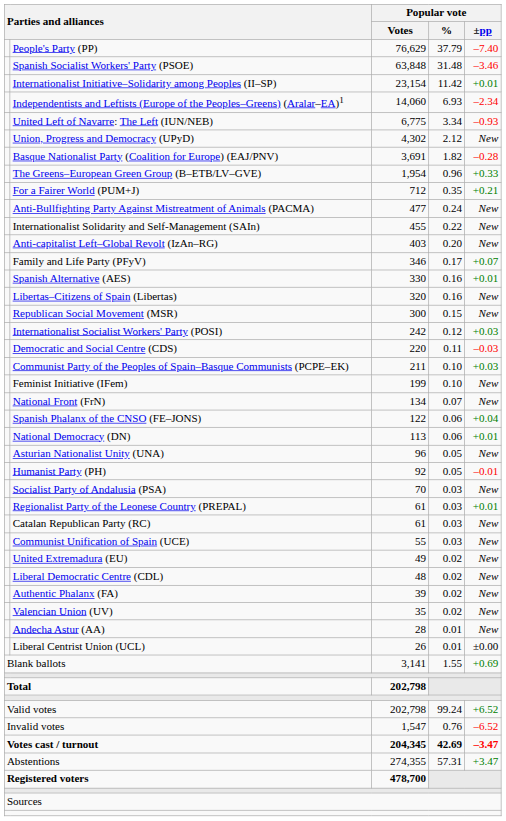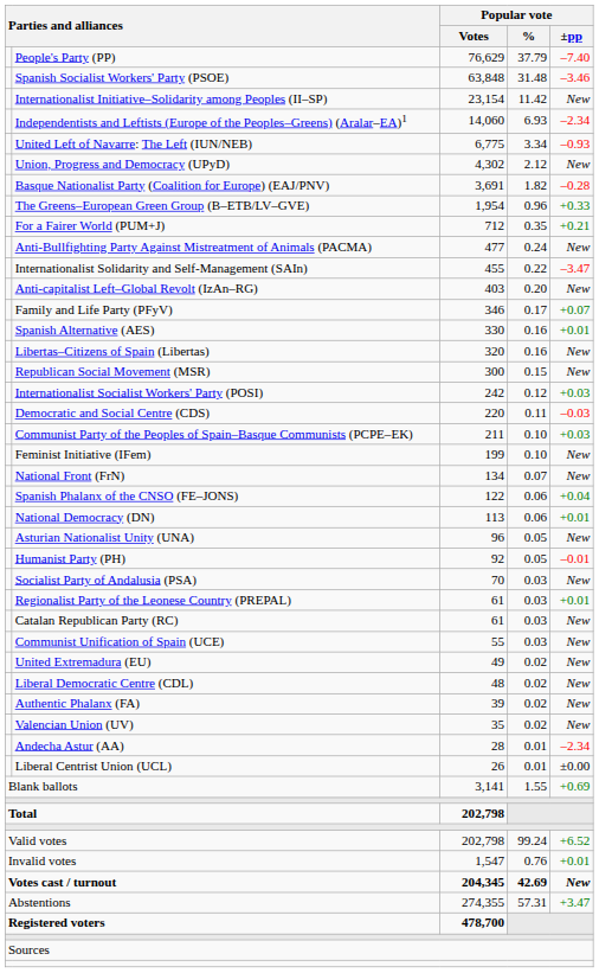 <table class="wikitable" style="text-align:right">
 <tr>
 <th style="text-align:left;" rowspan="2" colspan="2" width="525">Parties and alliances</th>
 <th colspan="3">Popular vote</th>
 </tr>
 <tr>
 <th width="75">Votes</th>
 <th width="45">%</th>
 <th width="45">±<a href='#'>pp</a></th>
 </tr>
 <tr>
 <td width="1" style="color:inherit;background:"></td>
 <td align="left"><a href='#'>People's Party</a> (PP)</td>
 <td>76,629</td>
 <td>37.79</td>
 <td style="color:red;">–7.40</td>
 </tr>
 <tr>
 <td style="color:inherit;background:"></td>
 <td align="left"><a href='#'>Spanish Socialist Workers' Party</a> (PSOE)</td>
 <td>63,848</td>
 <td>31.48</td>
 <td style="color:red;">–3.46</td>
 </tr>
 <tr>
 <td style="color:inherit;background:"></td>
 <td align="left"><a href='#'>Internationalist Initiative–Solidarity among Peoples</a> (II–SP)</td>
 <td>23,154</td>
 <td>11.42</td>
-<td style="color:green;">+0.01</td>
+<td><em>New</em></td>
 </tr>
 <tr>
 <td style="color:inherit;background:"></td>
 <td align="left"><a href='#'>Independentists and Leftists (Europe of the Peoples–Greens)</a> (<a href='#'>Aralar</a>–<a href='#'>EA</a>)<sup>1</sup></td>
 <td>14,060</td>
 <td>6.93</td>
 <td style="color:red;">–2.34</td>
 </tr>
 <tr>
 <td style="color:inherit;background:"></td>
 <td align="left"><a href='#'>United Left of Navarre</a>: <a href='#'>The Left</a> (IUN/NEB)</td>
 <td>6,775</td>
 <td>3.34</td>
 <td style="color:red;">–0.93</td>
 </tr>
 <tr>
 <td style="color:inherit;background:"></td>
 <td align="left"><a href='#'>Union, Progress and Democracy</a> (UPyD)</td>
 <td>4,302</td>
 <td>2.12</td>
 <td><em>New</em></td>
 </tr>
 <tr>
 <td style="color:inherit;background:"></td>
 <td align="left"><a href='#'>Basque Nationalist Party</a> (<a href='#'>Coalition for Europe</a>) (EAJ/PNV)</td>
 <td>3,691</td>
 <td>1.82</td>
 <td style="color:red;">–0.28</td>
 </tr>
 <tr>
 <td style="color:inherit;background:"></td>
 <td align="left"><a href='#'>The Greens–European Green Group</a> (B–ETB/LV–GVE)</td>
 <td>1,954</td>
 <td>0.96</td>
 <td style="color:green;">+0.33</td>
 </tr>
 <tr>
 <td style="color:inherit;background:"></td>
 <td align="left"><a href='#'>For a Fairer World</a> (PUM+J)</td>
 <td>712</td>
 <td>0.35</td>
 <td style="color:green;">+0.21</td>
 </tr>
 <tr>
 <td style="color:inherit;background:"></td>
 <td align="left"><a href='#'>Anti-Bullfighting Party Against Mistreatment of Animals</a> (PACMA)</td>
 <td>477</td>
 <td>0.24</td>
 <td><em>New</em></td>
 </tr>
 <tr>
 <td style="color:inherit;background:"></td>
 <td align="left">Internationalist Solidarity and Self-Management (SAIn)</td>
 <td>455</td>
 <td>0.22</td>
-<td><em>New</em></td>
+<td style="color:red;">–3.47</td>
 </tr>
 <tr>
 <td style="color:inherit;background:"></td>
 <td align="left"><a href='#'>Anti-capitalist Left–Global Revolt</a> (IzAn–RG)</td>
 <td>403</td>
 <td>0.20</td>
 <td><em>New</em></td>
 </tr>
 <tr>
 <td style="color:inherit;background:"></td>
 <td align="left">Family and Life Party (PFyV)</td>
 <td>346</td>
 <td>0.17</td>
 <td style="color:green;">+0.07</td>
 </tr>
 <tr>
 <td style="color:inherit;background:"></td>
 <td align="left"><a href='#'>Spanish Alternative</a> (AES)</td>
 <td>330</td>
 <td>0.16</td>
 <td style="color:green;">+0.01</td>
 </tr>
 <tr>
 <td style="color:inherit;background:"></td>
 <td align="left"><a href='#'>Libertas–Citizens of Spain</a> (Libertas)</td>
 <td>320</td>
 <td>0.16</td>
 <td><em>New</em></td>
 </tr>
 <tr>
 <td style="color:inherit;background:"></td>
 <td align="left"><a href='#'>Republican Social Movement</a> (MSR)</td>
 <td>300</td>
 <td>0.15</td>
 <td><em>New</em></td>
 </tr>
 <tr>
 <td style="color:inherit;background:"></td>
 <td align="left"><a href='#'>Internationalist Socialist Workers' Party</a> (POSI)</td>
 <td>242</td>
 <td>0.12</td>
 <td style="color:green;">+0.03</td>
 </tr>
 <tr>
 <td style="color:inherit;background:"></td>
 <td align="left"><a href='#'>Democratic and Social Centre</a> (CDS)</td>
 <td>220</td>
 <td>0.11</td>
 <td style="color:red;">–0.03</td>
 </tr>
 <tr>
 <td style="color:inherit;background:"></td>
 <td align="left"><a href='#'>Communist Party of the Peoples of Spain–Basque Communists</a> (PCPE–EK)</td>
 <td>211</td>
 <td>0.10</td>
 <td style="color:green;">+0.03</td>
 </tr>
 <tr>
 <td style="color:inherit;background:"></td>
 <td align="left">Feminist Initiative (IFem)</td>
 <td>199</td>
 <td>0.10</td>
 <td><em>New</em></td>
 </tr>
 <tr>
 <td style="color:inherit;background:"></td>
 <td align="left"><a href='#'>National Front</a> (FrN)</td>
 <td>134</td>
 <td>0.07</td>
 <td><em>New</em></td>
 </tr>
 <tr>
 <td style="color:inherit;background:"></td>
 <td align="left"><a href='#'>Spanish Phalanx of the CNSO</a> (FE–JONS)</td>
 <td>122</td>
 <td>0.06</td>
 <td style="color:green;">+0.04</td>
 </tr>
 <tr>
 <td style="color:inherit;background:"></td>
 <td align="left"><a href='#'>National Democracy</a> (DN)</td>
 <td>113</td>
 <td>0.06</td>
 <td style="color:green;">+0.01</td>
 </tr>
 <tr>
 <td style="color:inherit;background:"></td>
 <td align="left"><a href='#'>Asturian Nationalist Unity</a> (UNA)</td>
 <td>96</td>
 <td>0.05</td>
 <td><em>New</em></td>
 </tr>
 <tr>
 <td style="color:inherit;background:"></td>
 <td align="left"><a href='#'>Humanist Party</a> (PH)</td>
 <td>92</td>
 <td>0.05</td>
 <td style="color:red;">–0.01</td>
 </tr>
 <tr>
 <td style="color:inherit;background:"></td>
 <td align="left"><a href='#'>Socialist Party of Andalusia</a> (PSA)</td>
 <td>70</td>
 <td>0.03</td>
 <td><em>New</em></td>
 </tr>
 <tr>
 <td style="color:inherit;background:"></td>
 <td align="left"><a href='#'>Regionalist Party of the Leonese Country</a> (PREPAL)</td>
 <td>61</td>
 <td>0.03</td>
 <td style="color:green;">+0.01</td>
 </tr>
 <tr>
 <td style="color:inherit;background:"></td>
 <td align="left">Catalan Republican Party (RC)</td>
 <td>61</td>
 <td>0.03</td>
 <td><em>New</em></td>
 </tr>
 <tr>
 <td style="color:inherit;background:"></td>
 <td align="left"><a href='#'>Communist Unification of Spain</a> (UCE)</td>
 <td>55</td>
 <td>0.03</td>
 <td><em>New</em></td>
 </tr>
 <tr>
 <td style="color:inherit;background:"></td>
 <td align="left"><a href='#'>United Extremadura</a> (EU)</td>
 <td>49</td>
 <td>0.02</td>
 <td><em>New</em></td>
 </tr>
 <tr>
 <td style="color:inherit;background:"></td>
 <td align="left"><a href='#'>Liberal Democratic Centre</a> (CDL)</td>
 <td>48</td>
 <td>0.02</td>
 <td><em>New</em></td>
 </tr>
 <tr>
 <td style="color:inherit;background:"></td>
 <td align="left"><a href='#'>Authentic Phalanx</a> (FA)</td>
 <td>39</td>
 <td>0.02</td>
 <td><em>New</em></td>
 </tr>
 <tr>
 <td style="color:inherit;background:"></td>
 <td align="left"><a href='#'>Valencian Union</a> (UV)</td>
 <td>35</td>
 <td>0.02</td>
 <td><em>New</em></td>
 </tr>
 <tr>
 <td style="color:inherit;background:"></td>
 <td align="left"><a href='#'>Andecha Astur</a> (AA)</td>
 <td>28</td>
 <td>0.01</td>
-<td><em>New</em></td>
+<td style="color:red;">–2.34</td>
 </tr>
 <tr>
 <td style="color:inherit;background:"></td>
 <td align="left">Liberal Centrist Union (UCL)</td>
 <td>26</td>
 <td>0.01</td>
 <td>±0.00</td>
 </tr>
 <tr>
 <td align="left" colspan="2">Blank ballots</td>
 <td>3,141</td>
 <td>1.55</td>
 <td style="color:green;">+0.69</td>
 </tr>
 <tr>
 <td colspan="5" bgcolor="#E9E9E9"></td>
 </tr>
 <tr style="font-weight:bold;">
 <td align="left" colspan="2">Total</td>
 <td>202,798</td>
 <td bgcolor="#E9E9E9" colspan="2"></td>
 </tr>
 <tr>
 <td colspan="5" bgcolor="#E9E9E9"></td>
 </tr>
 <tr>
 <td align="left" colspan="2">Valid votes</td>
 <td>202,798</td>
 <td>99.24</td>
 <td style="color:green;">+6.52</td>
 </tr>
 <tr>
 <td align="left" colspan="2">Invalid votes</td>
 <td>1,547</td>
 <td>0.76</td>
-<td style="color:red;">–6.52</td>
+<td style="color:green;">+0.01</td>
 </tr>
 <tr style="font-weight:bold;">
 <td align="left" colspan="2">Votes cast / turnout</td>
 <td>204,345</td>
 <td>42.69</td>
-<td style="color:red;">–3.47</td>
+<td><em>New</em></td>
 </tr>
 <tr>
 <td align="left" colspan="2">Abstentions</td>
 <td>274,355</td>
 <td>57.31</td>
 <td style="color:green;">+3.47</td>
 </tr>
 <tr style="font-weight:bold;">
 <td align="left" colspan="2">Registered voters</td>
 <td>478,700</td>
 <td bgcolor="#E9E9E9" colspan="2"></td>
 </tr>
 <tr>
 <td colspan="5" bgcolor="#E9E9E9"></td>
 </tr>
 <tr>
 <td align="left" colspan="5">Sources</td>
 </tr>
 <tr>
 <td colspan="5" style="text-align:left; max-width:680px;"></td>
 </tr>
 </table>
